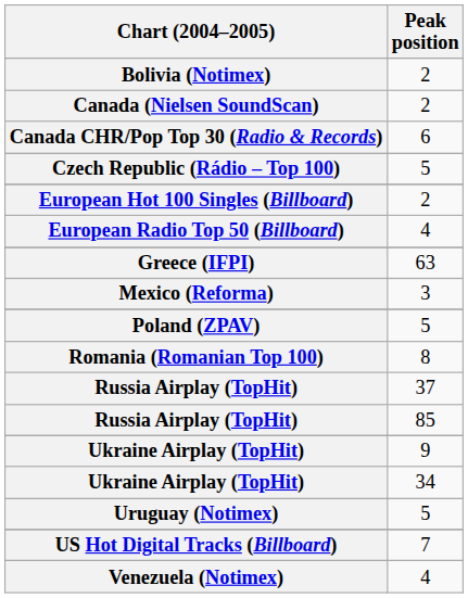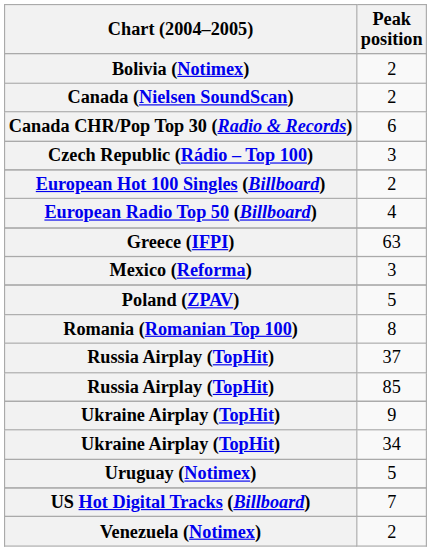 <table class="wikitable sortable plainrowheaders" style="text-align:center">
 <tr>
 <th scope="col">Chart (2004–2005)</th>
 <th scope="col">Peak<br>position</th>
 </tr>
 <tr>
 </tr>
 <tr>
 </tr>
 <tr>
 </tr>
 <tr>
 </tr>
 <tr>
 <th scope="row">Bolivia (<a href='#'>Notimex</a>)</th>
 <td>2</td>
 </tr>
 <tr>
 <th scope="row">Canada (<a href='#'>Nielsen SoundScan</a>)</th>
 <td>2</td>
 </tr>
 <tr>
 <th scope="row">Canada CHR/Pop Top 30 (<em><a href='#'>Radio & Records</a></em>)</th>
 <td>6</td>
 </tr>
 <tr>
 </tr>
 <tr>
 </tr>
 <tr>
 </tr>
 <tr>
 <th scope="row">Czech Republic (<a href='#'>Rádio – Top 100</a>)</th>
-<td>5</td>
+<td>3</td>
 </tr>
 <tr>
 </tr>
 <tr>
 <th scope="row"><a href='#'>European Hot 100 Singles</a> (<em><a href='#'>Billboard</a></em>)</th>
 <td>2</td>
 </tr>
 <tr>
 <th scope="row"><a href='#'>European Radio Top 50</a> (<em><a href='#'>Billboard</a></em>)</th>
 <td>4</td>
 </tr>
 <tr>
 </tr>
 <tr>
 </tr>
 <tr>
 </tr>
 <tr>
 <th scope="row">Greece (<a href='#'>IFPI</a>)</th>
 <td>63</td>
 </tr>
 <tr>
 </tr>
 <tr>
 </tr>
 <tr>
 </tr>
 <tr>
 <th scope="row">Mexico (<a href='#'>Reforma</a>)</th>
 <td>3</td>
 </tr>
 <tr>
 </tr>
 <tr>
 </tr>
 <tr>
 </tr>
 <tr>
 <th scope="row">Poland (<a href='#'>ZPAV</a>)</th>
 <td>5</td>
 </tr>
 <tr>
 <th scope="row">Romania (<a href='#'>Romanian Top 100</a>)</th>
 <td>8</td>
 </tr>
 <tr>
 <th scope="row">Russia Airplay (<a href='#'>TopHit</a>)<br><em></em></th>
 <td>37</td>
 </tr>
 <tr>
 <th scope="row">Russia Airplay (<a href='#'>TopHit</a>)<br><em></em></th>
 <td>85</td>
 </tr>
 <tr>
 </tr>
 <tr>
 </tr>
 <tr>
 </tr>
 <tr>
 <th scope="row">Ukraine Airplay (<a href='#'>TopHit</a>)<br><em></em></th>
 <td>9</td>
 </tr>
 <tr>
 <th scope="row">Ukraine Airplay (<a href='#'>TopHit</a>)<br><em></em></th>
 <td>34</td>
 </tr>
 <tr>
 </tr>
 <tr>
 <th scope="row">Uruguay (<a href='#'>Notimex</a>)</th>
 <td>5</td>
 </tr>
 <tr>
 </tr>
 <tr>
 </tr>
 <tr>
 </tr>
 <tr>
 </tr>
 <tr>
 <th scope="row">US <a href='#'>Hot Digital Tracks</a> (<em><a href='#'>Billboard</a></em>)</th>
 <td>7</td>
 </tr>
 <tr>
 </tr>
 <tr>
 <th scope="row">Venezuela (<a href='#'>Notimex</a>)</th>
-<td>4</td>
+<td>2</td>
 </tr>
 </table>
